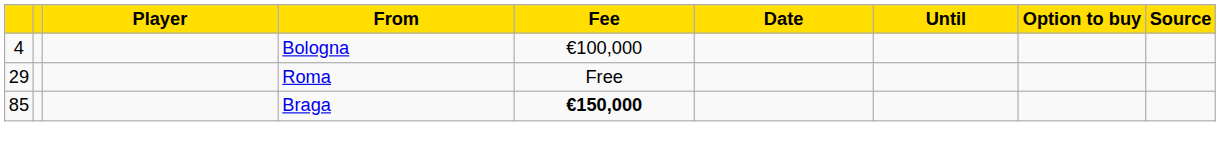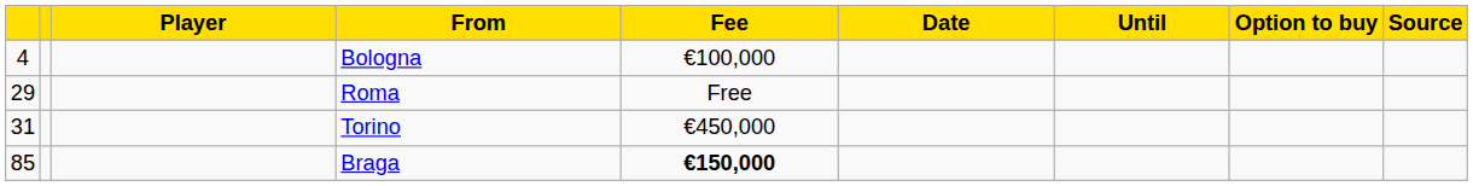 <table class="wikitable sortable">
 <tr>
 <th style="background:#FFDE00"></th>
 <th style="background:#FFDE00"></th>
 <th width=200 style="background:#FFDE00">Player</th>
 <th width=200 style="background:#FFDE00">From</th>
 <th width=150 style="background:#FFDE00">Fee</th>
 <th width=150 style="background:#FFDE00">Date</th>
 <th width=120 style="background:#FFDE00">Until</th>
 <th style="background:#FFDE00">Option to buy</th>
 <th style="background:#FFDE00">Source</th>
 </tr>
 <tr>
 <td align=center>4</td>
 <td align=center></td>
 <td></td>
 <td> <a href='#'>Bologna</a></td>
 <td align=center>€100,000</td>
 <td align=center></td>
 <td align=center></td>
 <td align=center></td>
 <td align=center></td>
 </tr>
 <tr>
 <td align=center>29</td>
 <td align=center></td>
 <td></td>
 <td> <a href='#'>Roma</a></td>
 <td align=center>Free</td>
 <td align=center></td>
 <td align=center></td>
 <td align=center></td>
 <td align=center></td>
 </tr>
 <tr>
+<td align=center>31</td>
+<td align=center></td>
+<td></td>
+<td> <a href='#'>Torino</a></td>
+<td align=center>€450,000</td>
+<td align=center></td>
+<td align=center></td>
+<td align=center></td>
+<td align=center></td>
+</tr>
+<tr>
 <td align=center>85</td>
 <td align=center></td>
 <td></td>
 <td> <a href='#'>Braga</a></td>
 <td align=center><strong>€150,000</strong></td>
 <td align=center></td>
 <td align=center></td>
 <td align=center></td>
 <td align=center></td>
 </tr>
 </table>
